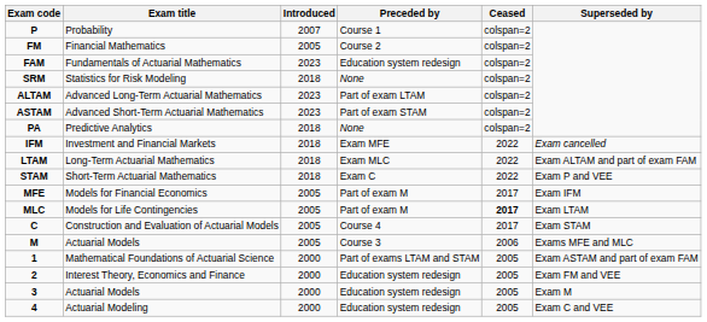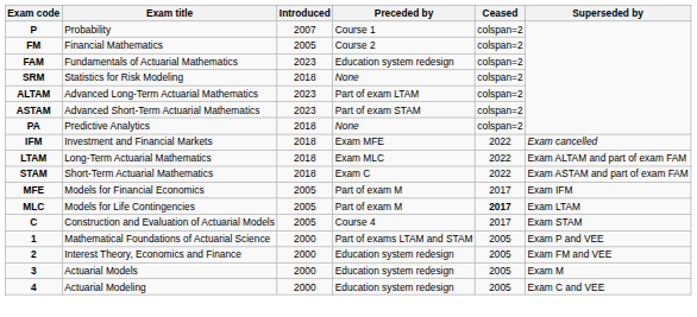 <table class=wikitable style="text-align:center;font-size:small">
 <tr>
 <th>Exam code</th>
 <th>Exam title</th>
 <th>Introduced</th>
 <th>Preceded by</th>
 <th>Ceased</th>
 <th>Superseded by</th>
 </tr>
 <tr>
 <td><strong>P</strong></td>
 <td align=left>Probability</td>
 <td>2007</td>
 <td align=left>Course 1</td>
 <td>colspan=2 </td>
 </tr>
 <tr>
 <td><strong>FM</strong></td>
 <td align=left>Financial Mathematics</td>
 <td>2005</td>
 <td align=left>Course 2</td>
 <td>colspan=2 </td>
 </tr>
 <tr>
 <td><strong>FAM</strong></td>
 <td align=left>Fundamentals of Actuarial Mathematics</td>
 <td>2023</td>
 <td align=left>Education system redesign</td>
 <td>colspan=2 </td>
 </tr>
 <tr>
 <td><strong>SRM</strong></td>
 <td align=left>Statistics for Risk Modeling</td>
 <td>2018</td>
 <td align=left><em>None</em></td>
 <td>colspan=2 </td>
 </tr>
 <tr>
 <td><strong>ALTAM</strong></td>
 <td align=left>Advanced Long-Term Actuarial Mathematics</td>
 <td>2023</td>
 <td align=left>Part of exam LTAM</td>
 <td>colspan=2 </td>
 </tr>
 <tr>
 <td><strong>ASTAM</strong></td>
 <td align=left>Advanced Short-Term Actuarial Mathematics</td>
 <td>2023</td>
 <td align=left>Part of exam STAM</td>
 <td>colspan=2 </td>
 </tr>
 <tr>
 <td><strong>PA</strong></td>
 <td align=left>Predictive Analytics</td>
 <td>2018</td>
 <td align=left><em>None</em></td>
 <td>colspan=2 </td>
 </tr>
 <tr>
 <td><strong>IFM</strong></td>
 <td align=left>Investment and Financial Markets</td>
 <td>2018</td>
 <td align=left>Exam MFE</td>
 <td>2022</td>
 <td align=left><em>Exam cancelled</em></td>
 </tr>
 <tr>
 <td><strong>LTAM</strong></td>
 <td align=left>Long-Term Actuarial Mathematics</td>
 <td>2018</td>
 <td align=left>Exam MLC</td>
 <td>2022</td>
 <td align=left>Exam ALTAM and part of exam FAM</td>
 </tr>
 <tr>
 <td><strong>STAM</strong></td>
 <td align=left>Short-Term Actuarial Mathematics</td>
 <td>2018</td>
 <td align=left>Exam C</td>
 <td>2022</td>
-<td align=left>Exam P and VEE</td>
+<td align=left>Exam ASTAM and part of exam FAM</td>
 </tr>
 <tr>
 <td><strong>MFE</strong></td>
 <td align=left>Models for Financial Economics</td>
 <td>2005</td>
 <td align=left>Part of exam M</td>
 <td>2017</td>
 <td align=left>Exam IFM</td>
 </tr>
 <tr>
 <td><strong>MLC</strong></td>
 <td align=left>Models for Life Contingencies</td>
 <td>2005</td>
 <td align=left>Part of exam M</td>
 <td><strong>2017</strong></td>
 <td align=left>Exam LTAM</td>
 </tr>
 <tr>
 <td><strong>C</strong></td>
 <td align=left>Construction and Evaluation of Actuarial Models</td>
 <td>2005</td>
 <td align=left>Course 4</td>
 <td>2017</td>
 <td align=left>Exam STAM</td>
 </tr>
 <tr>
-<td><strong>M</strong></td>
-<td align=left>Actuarial Models</td>
-<td>2005</td>
-<td align=left>Course 3</td>
-<td>2006</td>
-<td align=left>Exams MFE and MLC</td>
-</tr>
-<tr>
 <td><strong>1</strong></td>
 <td align=left>Mathematical Foundations of Actuarial Science</td>
 <td>2000</td>
 <td align=left>Part of exams LTAM and STAM</td>
 <td>2005</td>
-<td align=left>Exam ASTAM and part of exam FAM</td>
+<td align=left>Exam P and VEE</td>
 </tr>
 <tr>
 <td><strong>2</strong></td>
 <td align=left>Interest Theory, Economics and Finance</td>
 <td>2000</td>
 <td align=left>Education system redesign</td>
 <td>2005</td>
 <td align=left>Exam FM and VEE</td>
 </tr>
 <tr>
 <td><strong>3</strong></td>
 <td align=left>Actuarial Models</td>
 <td>2000</td>
 <td align=left>Education system redesign</td>
 <td>2005</td>
 <td align=left>Exam M</td>
 </tr>
 <tr>
 <td><strong>4</strong></td>
 <td align=left>Actuarial Modeling</td>
 <td>2000</td>
 <td align=left>Education system redesign</td>
 <td>2005</td>
 <td align=left>Exam C and VEE</td>
 </tr>
 </table>
